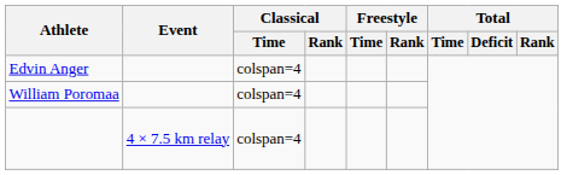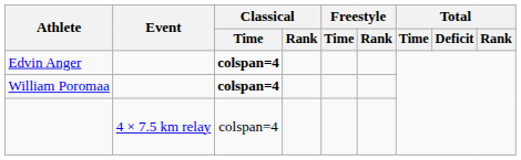 <table class="wikitable" style="font-size:90%">
 <tr>
 <th rowspan=2>Athlete</th>
 <th rowspan=2>Event</th>
 <th colspan=2>Classical</th>
 <th colspan=2>Freestyle</th>
 <th colspan=3>Total</th>
 </tr>
 <tr style="font-size:95%">
 <th>Time</th>
 <th>Rank</th>
 <th>Time</th>
 <th>Rank</th>
 <th>Time</th>
 <th>Deficit</th>
 <th>Rank</th>
 </tr>
 <tr align=center>
 <td align=left><a href='#'>Edvin Anger</a></td>
 <td align=left></td>
-<td>colspan=4 </td>
+<td><strong>colspan=4 </strong></td>
 <td></td>
 <td></td>
 <td></td>
 </tr>
 <tr align=center>
 <td align=left><a href='#'>William Poromaa</a></td>
 <td align=left></td>
-<td>colspan=4 </td>
+<td><strong>colspan=4 </strong></td>
 <td></td>
 <td></td>
 <td></td>
 </tr>
 <tr align=center>
 <td align=left><br><br><br></td>
 <td align=left><a href='#'>4 × 7.5 km relay</a></td>
 <td>colspan=4 </td>
 <td></td>
 <td></td>
 <td></td>
 </tr>
 </table>
